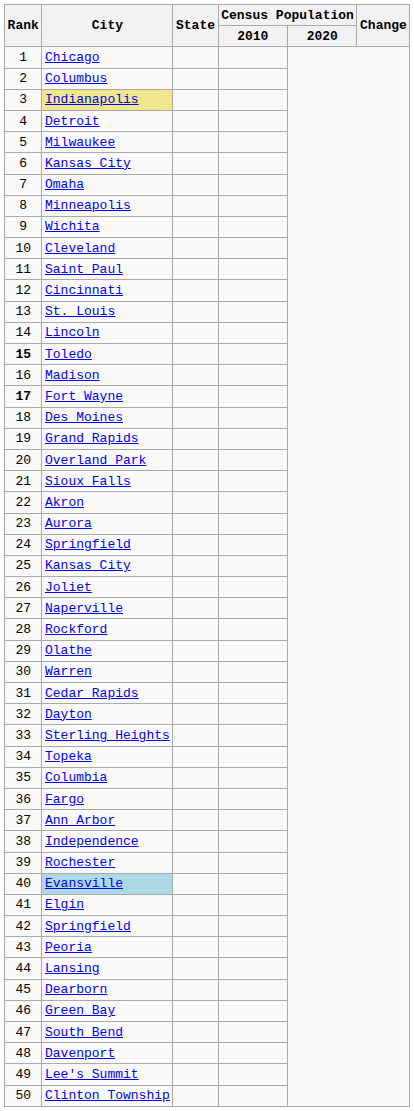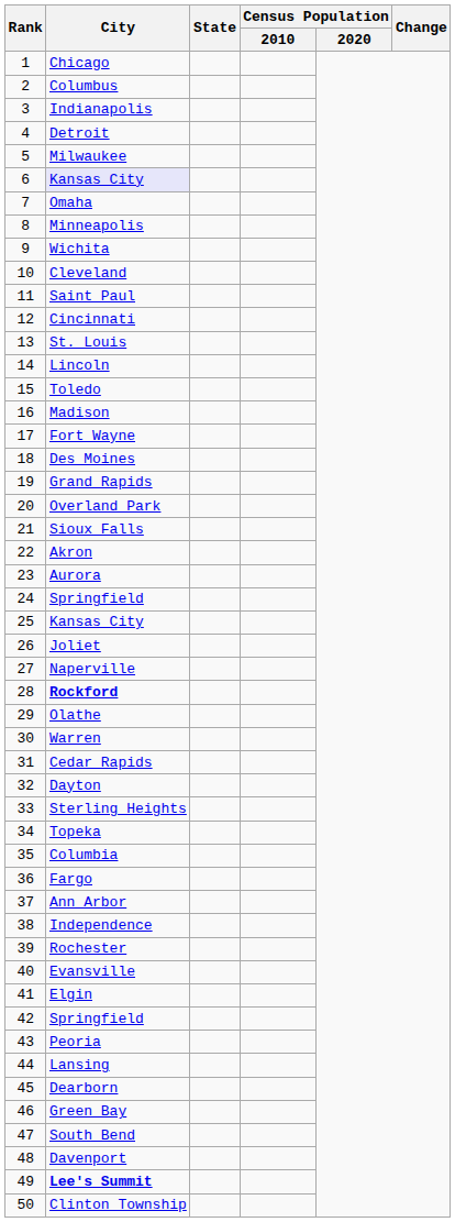 <table class="wikitable sortable">
 <tr>
 <th rowspan="2">Rank</th>
 <th rowspan="2">City</th>
 <th rowspan="2">State</th>
 <th colspan="2">Census Population</th>
 <th rowspan="2">Change</th>
 </tr>
 <tr>
 <th>2010</th>
 <th>2020</th>
 </tr>
 <tr>
 <td style=text-align:center>1</td>
 <td><a href='#'>Chicago</a></td>
 <td></td>
 <td></td>
 </tr>
 <tr>
 <td style=text-align:center>2</td>
 <td><a href='#'>Columbus</a></td>
 <td></td>
 <td></td>
 </tr>
 <tr>
 <td style=text-align:center>3</td>
-<td style="background: khaki;"><a href='#'>Indianapolis</a></td>
+<td><a href='#'>Indianapolis</a></td>
 <td></td>
 <td></td>
 </tr>
 <tr>
 <td style=text-align:center>4</td>
 <td><a href='#'>Detroit</a></td>
 <td></td>
 <td></td>
 </tr>
 <tr>
 <td style=text-align:center>5</td>
 <td><a href='#'>Milwaukee</a></td>
 <td></td>
 <td></td>
 </tr>
 <tr>
 <td style=text-align:center>6</td>
-<td><a href='#'>Kansas City</a></td>
+<td style="background: lavender;"><a href='#'>Kansas City</a></td>
 <td></td>
 <td></td>
 </tr>
 <tr>
 <td style=text-align:center>7</td>
 <td><a href='#'>Omaha</a></td>
 <td></td>
 <td></td>
 </tr>
 <tr>
 <td style=text-align:center>8</td>
 <td><a href='#'>Minneapolis</a></td>
 <td></td>
 <td></td>
 </tr>
 <tr>
 <td style=text-align:center>9</td>
 <td><a href='#'>Wichita</a></td>
 <td></td>
 <td></td>
 </tr>
 <tr>
 <td style=text-align:center>10</td>
 <td><a href='#'>Cleveland</a></td>
 <td></td>
 <td></td>
 </tr>
 <tr>
 <td style=text-align:center>11</td>
 <td><a href='#'>Saint Paul</a></td>
 <td></td>
 <td></td>
 </tr>
 <tr>
 <td style=text-align:center>12</td>
 <td><a href='#'>Cincinnati</a></td>
 <td></td>
 <td></td>
 </tr>
 <tr>
 <td style=text-align:center>13</td>
 <td><a href='#'>St. Louis</a></td>
 <td></td>
 <td></td>
 </tr>
 <tr>
 <td style=text-align:center>14</td>
 <td><a href='#'>Lincoln</a></td>
 <td></td>
 <td></td>
 </tr>
 <tr>
-<td style=text-align:center><strong>15</strong></td>
+<td style=text-align:center>15</td>
 <td><a href='#'>Toledo</a></td>
 <td></td>
 <td></td>
 </tr>
 <tr>
 <td style=text-align:center>16</td>
 <td><a href='#'>Madison</a></td>
 <td></td>
 <td></td>
 </tr>
 <tr>
-<td style=text-align:center><strong>17</strong></td>
+<td style=text-align:center>17</td>
 <td><a href='#'>Fort Wayne</a></td>
 <td></td>
 <td></td>
 </tr>
 <tr>
 <td style=text-align:center>18</td>
 <td><a href='#'>Des Moines</a></td>
 <td></td>
 <td></td>
 </tr>
 <tr>
 <td style=text-align:center>19</td>
 <td><a href='#'>Grand Rapids</a></td>
 <td></td>
 <td></td>
 </tr>
 <tr>
 <td style=text-align:center>20</td>
 <td><a href='#'>Overland Park</a></td>
 <td></td>
 <td></td>
 </tr>
 <tr>
 <td style=text-align:center>21</td>
 <td><a href='#'>Sioux Falls</a></td>
 <td></td>
 <td></td>
 </tr>
 <tr>
 <td style=text-align:center>22</td>
 <td><a href='#'>Akron</a></td>
 <td></td>
 <td></td>
 </tr>
 <tr>
 <td style=text-align:center>23</td>
 <td><a href='#'>Aurora</a></td>
 <td></td>
 <td></td>
 </tr>
 <tr>
 <td style=text-align:center>24</td>
 <td><a href='#'>Springfield</a></td>
 <td></td>
 <td></td>
 </tr>
 <tr>
 <td style=text-align:center>25</td>
 <td><a href='#'>Kansas City</a></td>
 <td></td>
 <td></td>
 </tr>
 <tr>
 <td style=text-align:center>26</td>
 <td><a href='#'>Joliet</a></td>
 <td></td>
 <td></td>
 </tr>
 <tr>
 <td style=text-align:center>27</td>
 <td><a href='#'>Naperville</a></td>
 <td></td>
 <td></td>
 </tr>
 <tr>
 <td style=text-align:center>28</td>
-<td><a href='#'>Rockford</a></td>
+<td><strong><a href='#'>Rockford</a></strong></td>
 <td></td>
 <td></td>
 </tr>
 <tr>
 <td style=text-align:center>29</td>
 <td><a href='#'>Olathe</a></td>
 <td></td>
 <td></td>
 </tr>
 <tr>
 <td style=text-align:center>30</td>
 <td><a href='#'>Warren</a></td>
 <td></td>
 <td></td>
 </tr>
 <tr>
 <td style=text-align:center>31</td>
 <td><a href='#'>Cedar Rapids</a></td>
 <td></td>
 <td></td>
 </tr>
 <tr>
 <td style=text-align:center>32</td>
 <td><a href='#'>Dayton</a></td>
 <td></td>
 <td></td>
 </tr>
 <tr>
 <td style=text-align:center>33</td>
 <td><a href='#'>Sterling Heights</a></td>
 <td></td>
 <td></td>
 </tr>
 <tr>
 <td style=text-align:center>34</td>
 <td><a href='#'>Topeka</a></td>
 <td></td>
 <td></td>
 </tr>
 <tr>
 <td style=text-align:center>35</td>
 <td><a href='#'>Columbia</a></td>
 <td></td>
 <td></td>
 </tr>
 <tr>
 <td style=text-align:center>36</td>
 <td><a href='#'>Fargo</a></td>
 <td></td>
 <td></td>
 </tr>
 <tr>
 <td style=text-align:center>37</td>
 <td><a href='#'>Ann Arbor</a></td>
 <td></td>
 <td></td>
 </tr>
 <tr>
 <td style=text-align:center>38</td>
 <td><a href='#'>Independence</a></td>
 <td></td>
 <td></td>
 </tr>
 <tr>
 <td style=text-align:center>39</td>
 <td><a href='#'>Rochester</a></td>
 <td></td>
 <td></td>
 </tr>
 <tr>
 <td style=text-align:center>40</td>
-<td style="background: lightblue;"><a href='#'>Evansville</a></td>
+<td><a href='#'>Evansville</a></td>
 <td></td>
 <td></td>
 </tr>
 <tr>
 <td style=text-align:center>41</td>
 <td><a href='#'>Elgin</a></td>
 <td></td>
 <td></td>
 </tr>
 <tr>
 <td style=text-align:center>42</td>
 <td><a href='#'>Springfield</a></td>
 <td></td>
 <td></td>
 </tr>
 <tr>
 <td style=text-align:center>43</td>
 <td><a href='#'>Peoria</a></td>
 <td></td>
 <td></td>
 </tr>
 <tr>
 <td style=text-align:center>44</td>
 <td><a href='#'>Lansing</a></td>
 <td></td>
 <td></td>
 </tr>
 <tr>
 <td style=text-align:center>45</td>
 <td><a href='#'>Dearborn</a></td>
 <td></td>
 <td></td>
 </tr>
 <tr>
 <td style=text-align:center>46</td>
 <td><a href='#'>Green Bay</a></td>
 <td></td>
 <td></td>
 </tr>
 <tr>
 <td style=text-align:center>47</td>
 <td><a href='#'>South Bend</a></td>
 <td></td>
 <td></td>
 </tr>
 <tr>
 <td style=text-align:center>48</td>
 <td><a href='#'>Davenport</a></td>
 <td></td>
 <td></td>
 </tr>
 <tr>
 <td style=text-align:center>49</td>
-<td><a href='#'>Lee's Summit</a></td>
+<td><strong><a href='#'>Lee's Summit</a></strong></td>
 <td></td>
 <td></td>
 </tr>
 <tr>
 <td style=text-align:center>50</td>
 <td><a href='#'>Clinton Township</a></td>
 <td></td>
 <td></td>
 </tr>
 </table>
